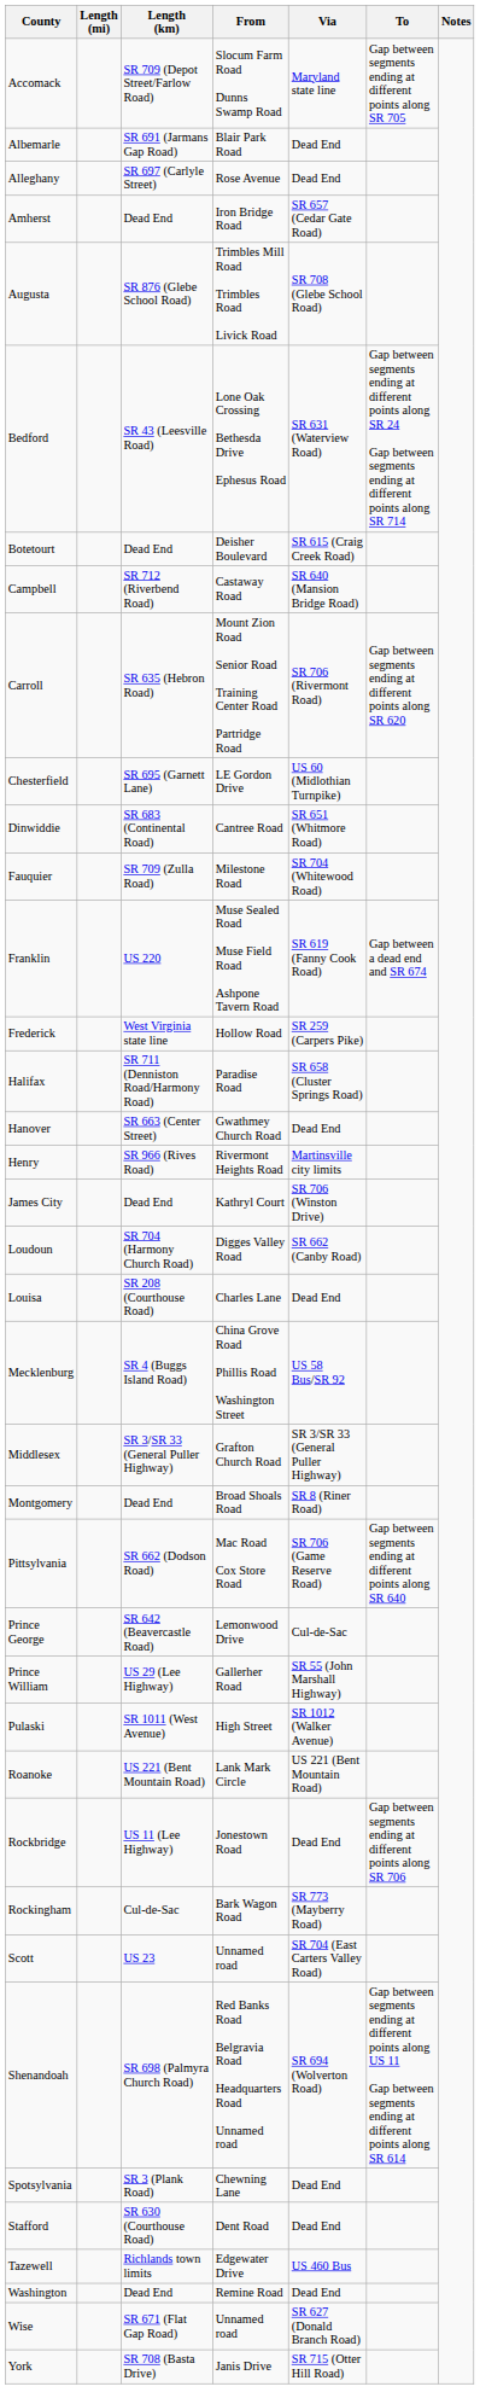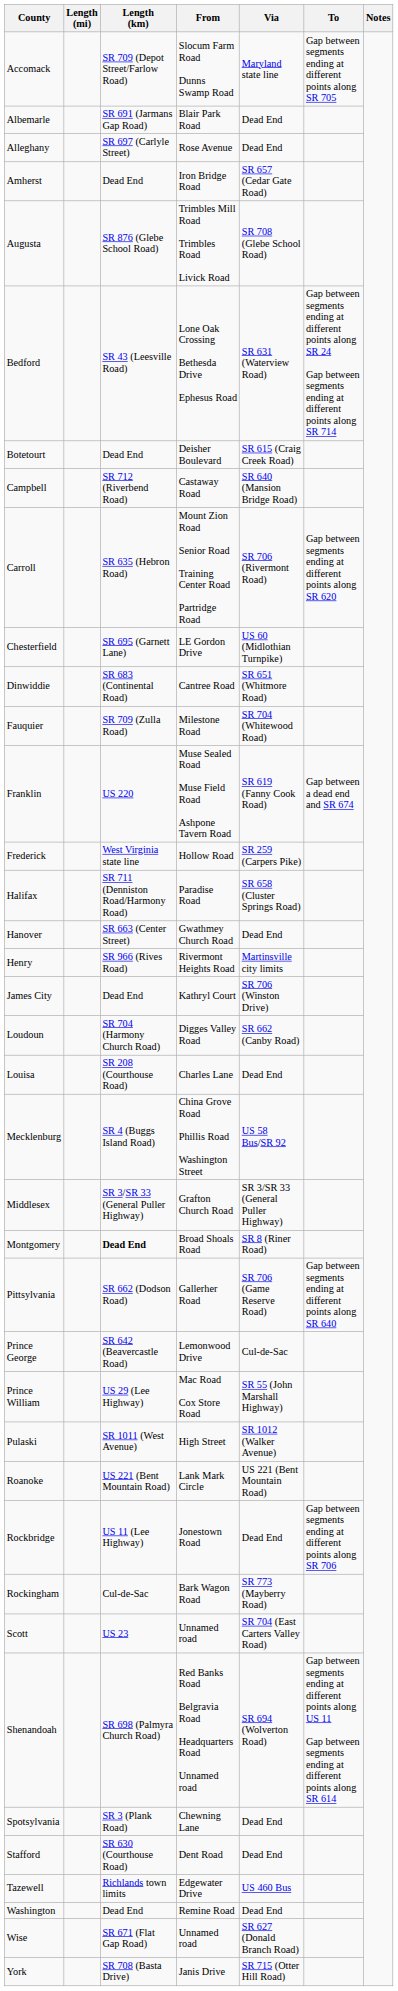 <table class="wikitable sortable">
 <tr>
 <th>County</th>
 <th>Length<br>(mi)</th>
 <th>Length<br>(km)</th>
 <th class="unsortable">From</th>
 <th class="unsortable">Via</th>
 <th class="unsortable">To</th>
 <th class="unsortable">Notes</th>
 </tr>
 <tr>
 <td id="Accomack">Accomack</td>
 <td></td>
 <td><a href='#'>SR 709</a> (Depot Street/Farlow Road)</td>
 <td>Slocum Farm Road<br><br>Dunns Swamp Road</td>
 <td><a href='#'>Maryland</a> state line</td>
 <td>Gap between segments ending at different points along <a href='#'>SR 705</a></td>
 </tr>
 <tr>
 <td id="Albemarle">Albemarle</td>
 <td></td>
 <td><a href='#'>SR 691</a> (Jarmans Gap Road)</td>
 <td>Blair Park Road</td>
 <td>Dead End</td>
 <td></td>
 </tr>
 <tr>
 <td id="Alleghany">Alleghany</td>
 <td></td>
 <td><a href='#'>SR 697</a> (Carlyle Street)</td>
 <td>Rose Avenue</td>
 <td>Dead End</td>
 <td><br></td>
 </tr>
 <tr>
 <td id="Amherst">Amherst</td>
 <td></td>
 <td>Dead End</td>
 <td>Iron Bridge Road</td>
 <td><a href='#'>SR 657</a> (Cedar Gate Road)</td>
 <td><br> </td>
 </tr>
 <tr>
 <td id="Augusta">Augusta</td>
 <td></td>
 <td><a href='#'>SR 876</a> (Glebe School Road)</td>
 <td>Trimbles Mill Road<br><br>Trimbles Road<br><br>Livick Road</td>
 <td><a href='#'>SR 708</a> (Glebe School Road)</td>
 <td><br></td>
 </tr>
 <tr>
 <td id="Bedford">Bedford</td>
 <td></td>
 <td><a href='#'>SR 43</a> (Leesville Road)</td>
 <td>Lone Oak Crossing<br><br>Bethesda Drive<br><br>Ephesus Road</td>
 <td><a href='#'>SR 631</a> (Waterview Road)</td>
 <td>Gap between segments ending at different points along <a href='#'>SR 24</a><br><br>Gap between segments ending at different points along <a href='#'>SR 714</a><br></td>
 </tr>
 <tr>
 <td id="Botetourt">Botetourt</td>
 <td></td>
 <td>Dead End</td>
 <td>Deisher Boulevard</td>
 <td><a href='#'>SR 615</a> (Craig Creek Road)</td>
 <td><br>  </td>
 </tr>
 <tr>
 <td id="Campbell">Campbell</td>
 <td></td>
 <td><a href='#'>SR 712</a> (Riverbend Road)</td>
 <td>Castaway Road</td>
 <td><a href='#'>SR 640</a> (Mansion Bridge Road)</td>
 <td><br></td>
 </tr>
 <tr>
 <td id="Carroll">Carroll</td>
 <td></td>
 <td><a href='#'>SR 635</a> (Hebron Road)</td>
 <td>Mount Zion Road<br><br>Senior Road<br><br>Training Center Road<br><br>Partridge Road</td>
 <td><a href='#'>SR 706</a> (Rivermont Road)</td>
 <td>Gap between segments ending at different points along <a href='#'>SR 620</a><br> </td>
 </tr>
 <tr>
 <td id="Chesterfield">Chesterfield</td>
 <td></td>
 <td><a href='#'>SR 695</a> (Garnett Lane)</td>
 <td>LE Gordon Drive</td>
 <td><a href='#'>US 60</a> (Midlothian Turnpike)</td>
 <td><br>    </td>
 </tr>
 <tr>
 <td id="Dinwiddie">Dinwiddie</td>
 <td></td>
 <td><a href='#'>SR 683</a> (Continental Road)</td>
 <td>Cantree Road</td>
 <td><a href='#'>SR 651</a> (Whitmore Road)</td>
 <td><br> </td>
 </tr>
 <tr>
 <td id="Fauquier">Fauquier</td>
 <td></td>
 <td><a href='#'>SR 709</a> (Zulla Road)</td>
 <td>Milestone Road</td>
 <td><a href='#'>SR 704</a> (Whitewood Road)</td>
 <td><br> </td>
 </tr>
 <tr>
 <td id="Franklin">Franklin</td>
 <td></td>
 <td><a href='#'>US 220</a></td>
 <td>Muse Sealed Road<br><br>Muse Field Road<br><br>Ashpone Tavern Road</td>
 <td><a href='#'>SR 619</a> (Fanny Cook Road)</td>
 <td>Gap between a dead end and <a href='#'>SR 674</a></td>
 </tr>
 <tr>
 <td id="Frederick">Frederick</td>
 <td></td>
 <td><a href='#'>West Virginia</a> state line</td>
 <td>Hollow Road</td>
 <td><a href='#'>SR 259</a> (Carpers Pike)</td>
 <td><br>     </td>
 </tr>
 <tr>
 <td id="Halifax">Halifax</td>
 <td></td>
 <td><a href='#'>SR 711</a> (Denniston Road/Harmony Road)</td>
 <td>Paradise Road</td>
 <td><a href='#'>SR 658</a> (Cluster Springs Road)</td>
 <td></td>
 </tr>
 <tr>
 <td id="Hanover">Hanover</td>
 <td></td>
 <td><a href='#'>SR 663</a> (Center Street)</td>
 <td>Gwathmey Church Road</td>
 <td>Dead End</td>
 <td><br></td>
 </tr>
 <tr>
 <td id="Henry">Henry</td>
 <td></td>
 <td><a href='#'>SR 966</a> (Rives Road)</td>
 <td>Rivermont Heights Road</td>
 <td><a href='#'>Martinsville</a> city limits</td>
 <td><br> </td>
 </tr>
 <tr>
 <td id="James City">James City</td>
 <td></td>
 <td>Dead End</td>
 <td>Kathryl Court</td>
 <td><a href='#'>SR 706</a> (Winston Drive)</td>
 <td><br>    </td>
 </tr>
 <tr>
 <td id="Loudoun">Loudoun</td>
 <td></td>
 <td><a href='#'>SR 704</a> (Harmony Church Road)</td>
 <td>Digges Valley Road</td>
 <td><a href='#'>SR 662</a> (Canby Road)</td>
 <td></td>
 </tr>
 <tr>
 <td id="Louisa">Louisa</td>
 <td></td>
 <td><a href='#'>SR 208</a> (Courthouse Road)</td>
 <td>Charles Lane</td>
 <td>Dead End</td>
 <td><br>  </td>
 </tr>
 <tr>
 <td id="Mecklenburg">Mecklenburg</td>
 <td></td>
 <td><a href='#'>SR 4</a> (Buggs Island Road)</td>
 <td>China Grove Road<br><br>Phillis Road<br><br>Washington Street</td>
 <td><a href='#'>US 58 Bus</a>/<a href='#'>SR 92</a></td>
 <td></td>
 </tr>
 <tr>
 <td id="Middlesex">Middlesex</td>
 <td></td>
 <td><a href='#'>SR 3</a>/<a href='#'>SR 33</a> (General Puller Highway)</td>
 <td>Grafton Church Road</td>
 <td>SR 3/SR 33 (General Puller Highway)</td>
 <td></td>
 </tr>
 <tr>
 <td id="Montgomery">Montgomery</td>
 <td></td>
-<td>Dead End</td>
+<td><strong>Dead End</strong></td>
 <td>Broad Shoals Road</td>
 <td><a href='#'>SR 8</a> (Riner Road)</td>
 <td><br>       </td>
 </tr>
 <tr>
 <td id="Pittsylvania">Pittsylvania</td>
 <td></td>
 <td><a href='#'>SR 662</a> (Dodson Road)</td>
-<td>Mac Road<br><br>Cox Store Road</td>
+<td>Gallerher Road</td>
 <td><a href='#'>SR 706</a> (Game Reserve Road)</td>
 <td>Gap between segments ending at different points along <a href='#'>SR 640</a><br> </td>
 </tr>
 <tr>
 <td id="Prince George">Prince George</td>
 <td></td>
 <td><a href='#'>SR 642</a> (Beavercastle Road)</td>
 <td>Lemonwood Drive</td>
 <td>Cul-de-Sac</td>
 <td></td>
 </tr>
 <tr>
 <td id="Prince William">Prince William</td>
 <td></td>
 <td><a href='#'>US 29</a> (Lee Highway)</td>
-<td>Gallerher Road</td>
+<td>Mac Road<br><br>Cox Store Road</td>
 <td><a href='#'>SR 55</a> (John Marshall Highway)</td>
 <td></td>
 </tr>
 <tr>
 <td id="Pulaski">Pulaski</td>
 <td></td>
 <td><a href='#'>SR 1011</a> (West Avenue)</td>
 <td>High Street</td>
 <td><a href='#'>SR 1012</a> (Walker Avenue)</td>
 <td><br> </td>
 </tr>
 <tr>
 <td id="Roanoke">Roanoke</td>
 <td></td>
 <td><a href='#'>US 221</a> (Bent Mountain Road)</td>
 <td>Lank Mark Circle</td>
 <td>US 221 (Bent Mountain Road)</td>
 <td></td>
 </tr>
 <tr>
 <td id="Rockbridge">Rockbridge</td>
 <td></td>
 <td><a href='#'>US 11</a> (Lee Highway)</td>
 <td>Jonestown Road</td>
 <td>Dead End</td>
 <td>Gap between segments ending at different points along <a href='#'>SR 706</a></td>
 </tr>
 <tr>
 <td id="Rockingham">Rockingham</td>
 <td></td>
 <td>Cul-de-Sac</td>
 <td>Bark Wagon Road</td>
 <td><a href='#'>SR 773</a> (Mayberry Road)</td>
 <td><br></td>
 </tr>
 <tr>
 <td id="Scott">Scott</td>
 <td></td>
 <td><a href='#'>US 23</a></td>
 <td>Unnamed road</td>
 <td><a href='#'>SR 704</a> (East Carters Valley Road)</td>
 <td></td>
 </tr>
 <tr>
 <td id="Shenandoah">Shenandoah</td>
 <td></td>
 <td><a href='#'>SR 698</a> (Palmyra Church Road)</td>
 <td>Red Banks Road<br><br>Belgravia Road<br><br>Headquarters Road<br><br>Unnamed road</td>
 <td><a href='#'>SR 694</a> (Wolverton Road)</td>
 <td>Gap between segments ending at different points along <a href='#'>US 11</a><br><br>Gap between segments ending at different points along <a href='#'>SR 614</a><br> </td>
 </tr>
 <tr>
 <td id="Spotsylvania">Spotsylvania</td>
 <td></td>
 <td><a href='#'>SR 3</a> (Plank Road)</td>
 <td>Chewning Lane</td>
 <td>Dead End</td>
 <td></td>
 </tr>
 <tr>
 <td id="Stafford">Stafford</td>
 <td></td>
 <td><a href='#'>SR 630</a> (Courthouse Road)</td>
 <td>Dent Road</td>
 <td>Dead End</td>
 <td><br> </td>
 </tr>
 <tr>
 <td id="Tazewell">Tazewell</td>
 <td></td>
 <td><a href='#'>Richlands</a> town limits</td>
 <td>Edgewater Drive</td>
 <td><a href='#'>US 460 Bus</a></td>
 <td><br></td>
 </tr>
 <tr>
 <td id="Washington">Washington</td>
 <td></td>
 <td>Dead End</td>
 <td>Remine Road</td>
 <td>Dead End</td>
 <td><br></td>
 </tr>
 <tr>
 <td id="Wise">Wise</td>
 <td></td>
 <td><a href='#'>SR 671</a> (Flat Gap Road)</td>
 <td>Unnamed road</td>
 <td><a href='#'>SR 627</a> (Donald Branch Road)</td>
 <td><br></td>
 </tr>
 <tr>
 <td id="York">York</td>
 <td></td>
 <td><a href='#'>SR 708</a> (Basta Drive)</td>
 <td>Janis Drive</td>
 <td><a href='#'>SR 715</a> (Otter Hill Road)</td>
 <td></td>
 </tr>
 </table>
